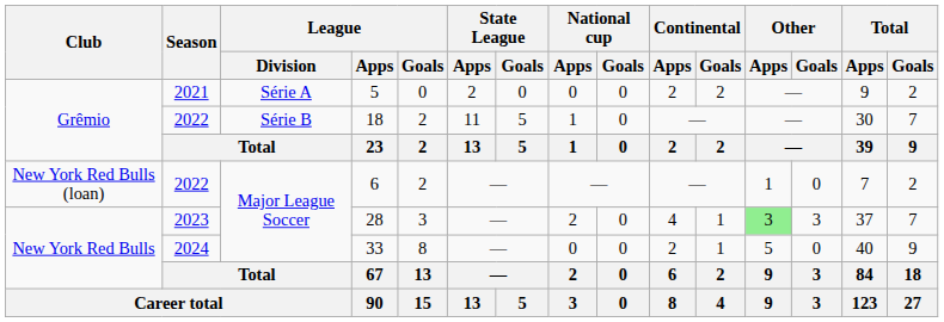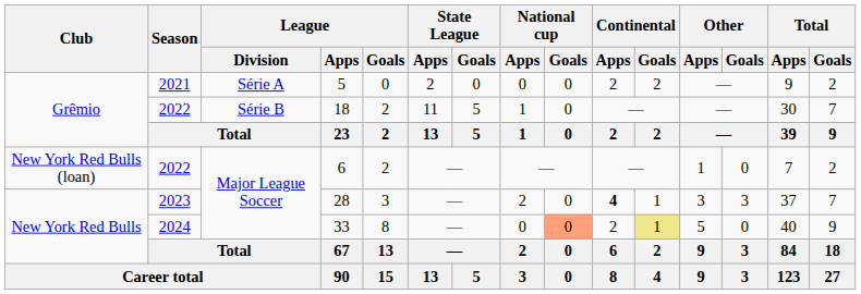 <table class="wikitable" style="text-align:center">
 <tr>
 <th rowspan="2">Club</th>
 <th rowspan="2">Season</th>
 <th colspan="3">League</th>
 <th colspan="2">State League</th>
 <th colspan="2">National cup</th>
 <th colspan="2">Continental</th>
 <th colspan="2">Other</th>
 <th colspan="2">Total</th>
 </tr>
 <tr>
 <th>Division</th>
 <th>Apps</th>
 <th>Goals</th>
 <th>Apps</th>
 <th>Goals</th>
 <th>Apps</th>
 <th>Goals</th>
 <th>Apps</th>
 <th>Goals</th>
 <th>Apps</th>
 <th>Goals</th>
 <th>Apps</th>
 <th>Goals</th>
 </tr>
 <tr>
 <td rowspan="3"><a href='#'>Grêmio</a></td>
 <td><a href='#'>2021</a></td>
 <td><a href='#'>Série A</a></td>
 <td>5</td>
 <td>0</td>
 <td>2</td>
 <td>0</td>
 <td>0</td>
 <td>0</td>
 <td>2</td>
 <td>2</td>
 <td colspan="2">—</td>
 <td>9</td>
 <td>2</td>
 </tr>
 <tr>
 <td><a href='#'>2022</a></td>
 <td><a href='#'>Série B</a></td>
 <td>18</td>
 <td>2</td>
 <td>11</td>
 <td>5</td>
 <td>1</td>
 <td>0</td>
 <td colspan="2">—</td>
 <td colspan="2">—</td>
 <td>30</td>
 <td>7</td>
 </tr>
 <tr>
 <th colspan="2">Total</th>
 <th>23</th>
 <th>2</th>
 <th>13</th>
 <th>5</th>
 <th>1</th>
 <th>0</th>
 <th>2</th>
 <th>2</th>
 <th colspan="2">—</th>
 <th>39</th>
 <th>9</th>
 </tr>
 <tr>
 <td><a href='#'>New York Red Bulls</a> (loan)</td>
 <td><a href='#'>2022</a></td>
 <td rowspan="3"><a href='#'>Major League Soccer</a></td>
 <td>6</td>
 <td>2</td>
 <td colspan="2">—</td>
 <td colspan="2">—</td>
 <td colspan="2">—</td>
 <td>1</td>
 <td>0</td>
 <td>7</td>
 <td>2</td>
 </tr>
 <tr>
 <td rowspan="3"><a href='#'>New York Red Bulls</a></td>
 <td><a href='#'>2023</a></td>
 <td>28</td>
 <td>3</td>
 <td colspan="2">—</td>
 <td>2</td>
 <td>0</td>
-<td>4</td>
+<td><strong>4</strong></td>
 <td>1</td>
-<td style="background: lightgreen;">3</td>
+<td>3</td>
 <td>3</td>
 <td>37</td>
 <td>7</td>
 </tr>
 <tr>
 <td><a href='#'>2024</a></td>
 <td>33</td>
 <td>8</td>
 <td colspan="2">—</td>
 <td>0</td>
-<td>0</td>
+<td style="background: lightsalmon;">0</td>
 <td>2</td>
-<td>1</td>
+<td style="background: khaki;">1</td>
 <td>5</td>
 <td>0</td>
 <td>40</td>
 <td>9</td>
 </tr>
 <tr>
 <th colspan="2">Total</th>
 <th>67</th>
 <th>13</th>
 <th colspan="2">—</th>
 <th>2</th>
 <th>0</th>
 <th>6</th>
 <th>2</th>
 <th>9</th>
 <th>3</th>
 <th>84</th>
 <th>18</th>
 </tr>
 <tr>
 <th colspan="3">Career total</th>
 <th>90</th>
 <th>15</th>
 <th>13</th>
 <th>5</th>
 <th>3</th>
 <th>0</th>
 <th>8</th>
 <th>4</th>
 <th>9</th>
 <th>3</th>
 <th>123</th>
 <th>27</th>
 </tr>
 </table>
